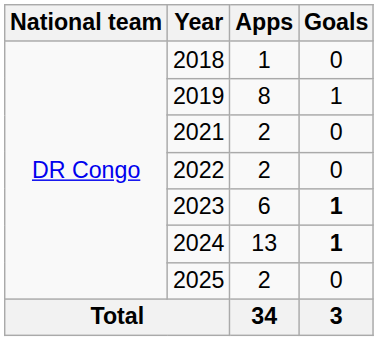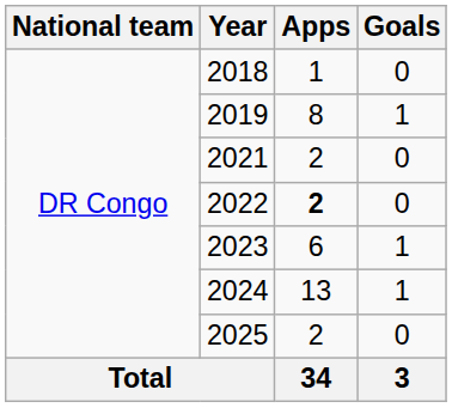 <table class=wikitable style=text-align:center>
 <tr>
 <th>National team</th>
 <th>Year</th>
 <th>Apps</th>
 <th>Goals</th>
 </tr>
 <tr>
 <td rowspan=7><a href='#'>DR Congo</a></td>
 <td>2018</td>
 <td>1</td>
 <td>0</td>
 </tr>
 <tr>
 <td>2019</td>
 <td>8</td>
 <td>1</td>
 </tr>
 <tr>
 <td>2021</td>
 <td>2</td>
 <td>0</td>
 </tr>
 <tr>
 <td>2022</td>
-<td>2</td>
+<td><strong>2</strong></td>
 <td>0</td>
 </tr>
 <tr>
 <td>2023</td>
 <td>6</td>
-<td><strong>1</strong></td>
+<td>1</td>
 </tr>
 <tr>
 <td>2024</td>
 <td>13</td>
-<td><strong>1</strong></td>
+<td>1</td>
 </tr>
 <tr>
 <td>2025</td>
 <td>2</td>
 <td>0</td>
 </tr>
 <tr>
 <th colspan=2>Total</th>
 <th>34</th>
 <th>3</th>
 </tr>
 </table>
